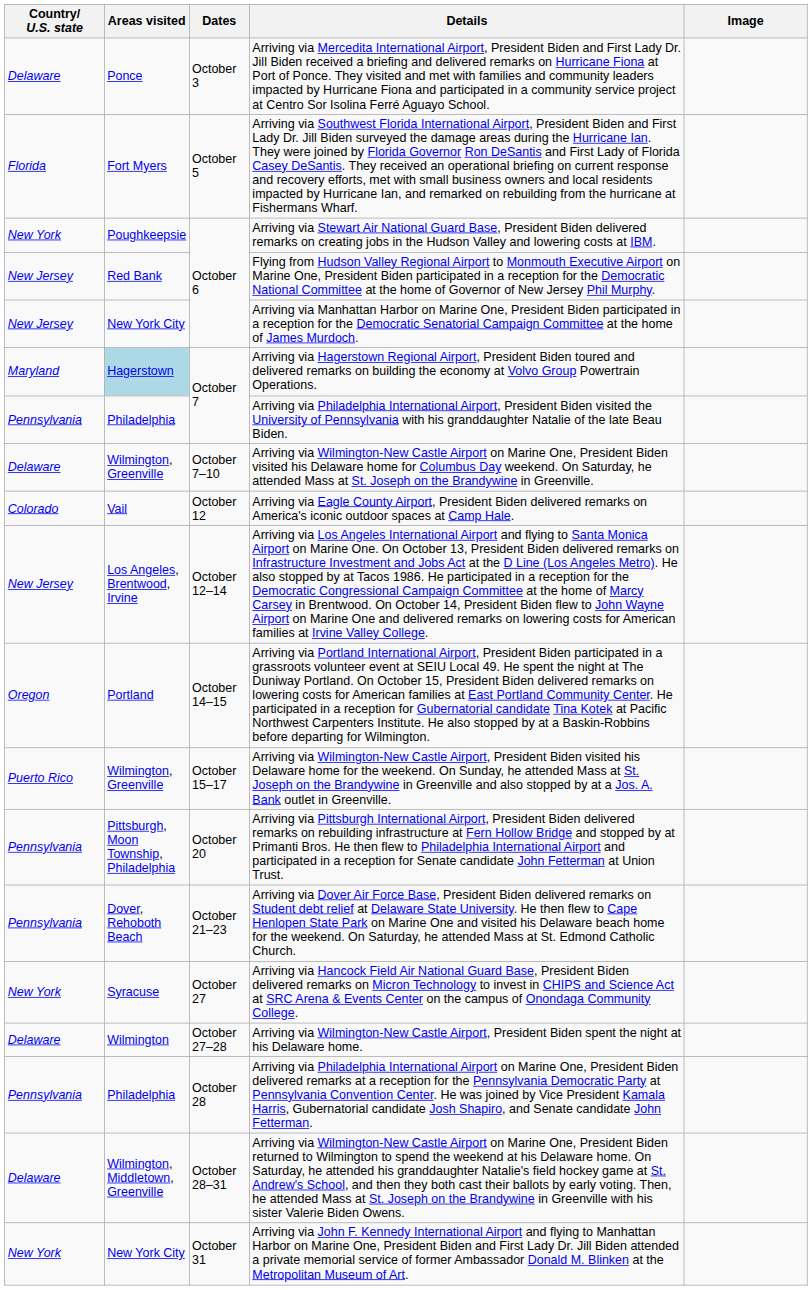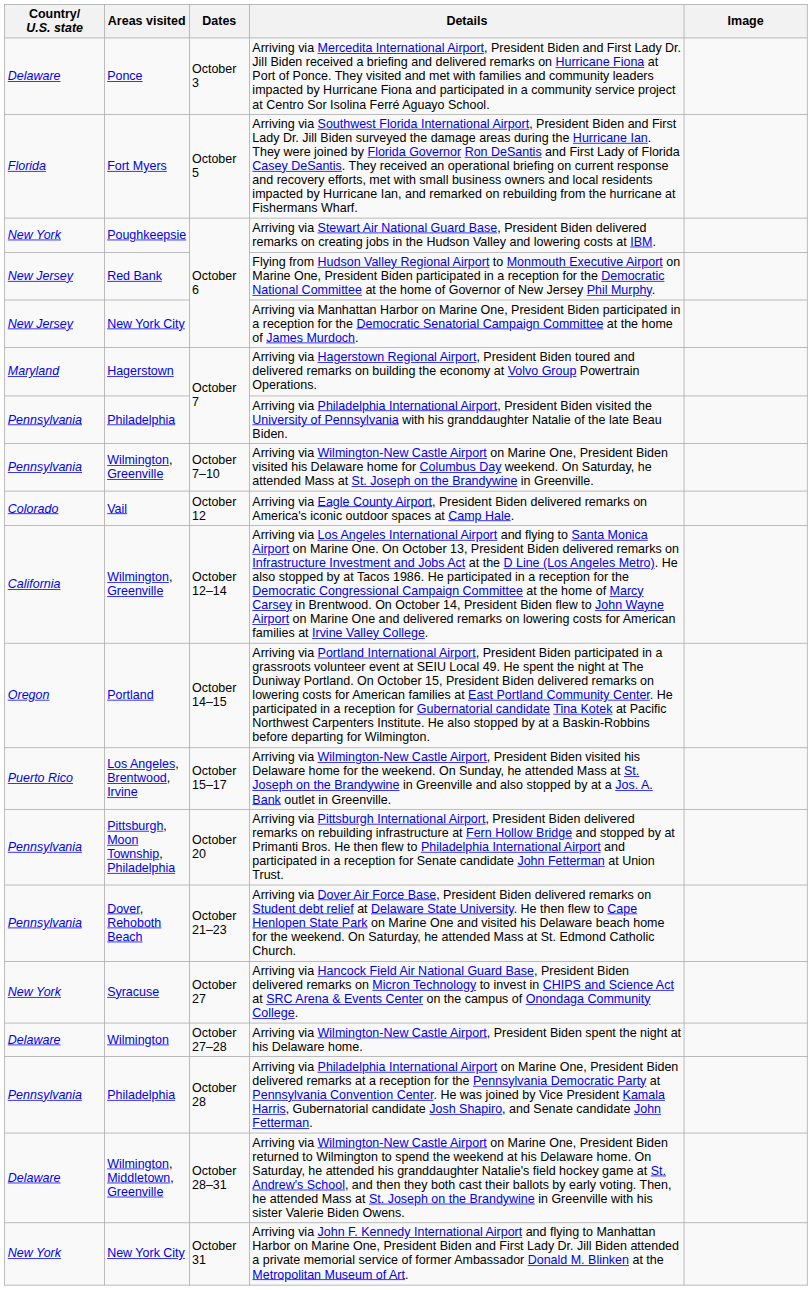 <table class="wikitable" style="margin: 1em auto 1em auto">
 <tr>
 <th width="120">Country/<br><em>U.S. state</em></th>
 <th width="100">Areas visited</th>
 <th width="70">Dates</th>
 <th width="550">Details</th>
 <th width="150">Image</th>
 </tr>
 <tr>
 <td> <em> <a href='#'>Delaware</a></em></td>
 <td><a href='#'>Ponce</a></td>
 <td>October 3</td>
 <td>Arriving via <a href='#'>Mercedita International Airport</a>, President Biden and First Lady Dr. Jill Biden received a briefing and delivered remarks on <a href='#'>Hurricane Fiona</a> at Port of Ponce. They visited and met with families and community leaders impacted by Hurricane Fiona and participated in a community service project at Centro Sor Isolina Ferré Aguayo School.</td>
 <td></td>
 </tr>
 <tr>
 <td> <em><a href='#'>Florida</a></em></td>
 <td><a href='#'>Fort Myers</a></td>
 <td>October 5</td>
 <td>Arriving via <a href='#'>Southwest Florida International Airport</a>, President Biden and First Lady Dr. Jill Biden surveyed the damage areas during the <a href='#'>Hurricane Ian</a>. They were joined by <a href='#'>Florida Governor</a> <a href='#'>Ron DeSantis</a> and First Lady of Florida <a href='#'>Casey DeSantis</a>. They received an operational briefing on current response and recovery efforts, met with small business owners and local residents impacted by Hurricane Ian, and remarked on rebuilding from the hurricane at Fishermans Wharf.</td>
 <td></td>
 </tr>
 <tr>
 <td> <em><a href='#'>New York</a></em></td>
 <td><a href='#'>Poughkeepsie</a></td>
 <td rowspan="3">October 6</td>
 <td>Arriving via <a href='#'>Stewart Air National Guard Base</a>, President Biden delivered remarks on creating jobs in the Hudson Valley and lowering costs at <a href='#'>IBM</a>.</td>
 <td></td>
 </tr>
 <tr>
 <td> <em><a href='#'>New Jersey</a></em></td>
 <td><a href='#'>Red Bank</a></td>
 <td>Flying from <a href='#'>Hudson Valley Regional Airport</a> to <a href='#'>Monmouth Executive Airport</a> on Marine One, President Biden participated in a reception for the <a href='#'>Democratic National Committee</a> at the home of Governor of New Jersey <a href='#'>Phil Murphy</a>.</td>
 <td></td>
 </tr>
 <tr>
 <td> <em><a href='#'>New Jersey</a></em></td>
 <td><a href='#'>New York City</a></td>
 <td>Arriving via Manhattan Harbor on Marine One, President Biden participated in a reception for the <a href='#'>Democratic Senatorial Campaign Committee</a> at the home of <a href='#'>James Murdoch</a>.</td>
 <td></td>
 </tr>
 <tr>
 <td> <em> <a href='#'>Maryland</a></em></td>
-<td style="background: lightblue;"><a href='#'>Hagerstown</a></td>
+<td><a href='#'>Hagerstown</a></td>
 <td rowspan='2'>October 7</td>
 <td>Arriving via <a href='#'>Hagerstown Regional Airport</a>, President Biden toured and delivered remarks on building the economy at <a href='#'>Volvo Group</a> Powertrain Operations.</td>
 <td></td>
 </tr>
 <tr>
 <td> <em> <a href='#'>Pennsylvania</a></em></td>
 <td><a href='#'>Philadelphia</a></td>
 <td>Arriving via <a href='#'>Philadelphia International Airport</a>, President Biden visited the <a href='#'>University of Pennsylvania</a> with his granddaughter Natalie of the late Beau Biden.</td>
 <td></td>
 </tr>
 <tr>
-<td> <em> <a href='#'>Delaware</a></em></td>
+<td> <em> <a href='#'>Pennsylvania</a></em></td>
 <td><a href='#'>Wilmington</a>, <a href='#'>Greenville</a></td>
 <td>October 7–10</td>
 <td>Arriving via <a href='#'>Wilmington-New Castle Airport</a> on Marine One, President Biden visited his Delaware home for <a href='#'>Columbus Day</a> weekend. On Saturday, he attended Mass at <a href='#'>St. Joseph on the Brandywine</a> in Greenville.</td>
 <td></td>
 </tr>
 <tr>
 <td> <em> <a href='#'>Colorado</a></em></td>
 <td><a href='#'>Vail</a></td>
 <td>October 12</td>
 <td>Arriving via <a href='#'>Eagle County Airport</a>, President Biden delivered remarks on America's iconic outdoor spaces at <a href='#'>Camp Hale</a>.</td>
 <td></td>
 </tr>
 <tr>
-<td> <em><a href='#'>New Jersey</a></em></td>
-<td><a href='#'>Los Angeles</a>, <a href='#'>Brentwood</a>, <a href='#'>Irvine</a></td>
+<td> <em> <a href='#'>California</a></em></td>
+<td><a href='#'>Wilmington</a>, <a href='#'>Greenville</a></td>
 <td>October 12–14</td>
 <td>Arriving via <a href='#'>Los Angeles International Airport</a> and flying to <a href='#'>Santa Monica Airport</a> on Marine One. On October 13, President Biden delivered remarks on <a href='#'>Infrastructure Investment and Jobs Act</a> at the <a href='#'>D Line (Los Angeles Metro)</a>. He also stopped by at Tacos 1986. He participated in a reception for the <a href='#'>Democratic Congressional Campaign Committee</a> at the home of <a href='#'>Marcy Carsey</a> in Brentwood. On October 14, President Biden flew to <a href='#'>John Wayne Airport</a> on Marine One and delivered remarks on lowering costs for American families at <a href='#'>Irvine Valley College</a>.</td>
 <td></td>
 </tr>
 <tr>
 <td> <em> <a href='#'>Oregon</a></em></td>
 <td><a href='#'>Portland</a></td>
 <td>October 14–15</td>
 <td>Arriving via <a href='#'>Portland International Airport</a>, President Biden participated in a grassroots volunteer event at SEIU Local 49. He spent the night at The Duniway Portland. On October 15, President Biden delivered remarks on lowering costs for American families at <a href='#'>East Portland Community Center</a>. He participated in a reception for <a href='#'>Gubernatorial candidate</a> <a href='#'>Tina Kotek</a> at Pacific Northwest Carpenters Institute. He also stopped by at a Baskin-Robbins before departing for Wilmington.</td>
 <td></td>
 </tr>
 <tr>
 <td> <em><a href='#'>Puerto Rico</a></em></td>
-<td><a href='#'>Wilmington</a>, <a href='#'>Greenville</a></td>
+<td><a href='#'>Los Angeles</a>, <a href='#'>Brentwood</a>, <a href='#'>Irvine</a></td>
 <td>October 15–17</td>
 <td>Arriving via <a href='#'>Wilmington-New Castle Airport</a>, President Biden visited his Delaware home for the weekend. On Sunday, he attended Mass at <a href='#'>St. Joseph on the Brandywine</a> in Greenville and also stopped by at a <a href='#'>Jos. A. Bank</a> outlet in Greenville.</td>
 <td></td>
 </tr>
 <tr>
 <td> <em> <a href='#'>Pennsylvania</a></em></td>
 <td><a href='#'>Pittsburgh</a>, <a href='#'>Moon Township</a>, <a href='#'>Philadelphia</a></td>
 <td>October 20</td>
 <td>Arriving via <a href='#'>Pittsburgh International Airport</a>, President Biden delivered remarks on rebuilding infrastructure at <a href='#'>Fern Hollow Bridge</a> and stopped by at Primanti Bros. He then flew to <a href='#'>Philadelphia International Airport</a> and participated in a reception for Senate candidate <a href='#'>John Fetterman</a> at Union Trust.</td>
 <td></td>
 </tr>
 <tr>
 <td> <em> <a href='#'>Pennsylvania</a></em></td>
 <td><a href='#'>Dover</a>, <a href='#'>Rehoboth Beach</a></td>
 <td>October 21–23</td>
 <td>Arriving via <a href='#'>Dover Air Force Base</a>, President Biden delivered remarks on <a href='#'>Student debt relief</a> at <a href='#'>Delaware State University</a>. He then flew to <a href='#'>Cape Henlopen State Park</a> on Marine One and visited his Delaware beach home for the weekend. On Saturday, he attended Mass at St. Edmond Catholic Church.</td>
 <td></td>
 </tr>
 <tr>
 <td> <em> <a href='#'>New York</a></em></td>
 <td><a href='#'>Syracuse</a></td>
 <td>October 27</td>
 <td>Arriving via <a href='#'>Hancock Field Air National Guard Base</a>, President Biden delivered remarks on <a href='#'>Micron Technology</a> to invest in <a href='#'>CHIPS and Science Act</a> at <a href='#'>SRC Arena & Events Center</a> on the campus of <a href='#'>Onondaga Community College</a>.</td>
 <td></td>
 </tr>
 <tr>
 <td> <em> <a href='#'>Delaware</a></em></td>
 <td><a href='#'>Wilmington</a></td>
 <td>October 27–28</td>
 <td>Arriving via <a href='#'>Wilmington-New Castle Airport</a>, President Biden spent the night at his Delaware home.</td>
 <td></td>
 </tr>
 <tr>
 <td> <em> <a href='#'>Pennsylvania</a></em></td>
 <td><a href='#'>Philadelphia</a></td>
 <td>October 28</td>
 <td>Arriving via <a href='#'>Philadelphia International Airport</a> on Marine One, President Biden delivered remarks at a reception for the <a href='#'>Pennsylvania Democratic Party</a> at <a href='#'>Pennsylvania Convention Center</a>. He was joined by Vice President <a href='#'>Kamala Harris</a>, Gubernatorial candidate <a href='#'>Josh Shapiro</a>, and Senate candidate <a href='#'>John Fetterman</a>.</td>
 <td></td>
 </tr>
 <tr>
 <td> <em> <a href='#'>Delaware</a></em></td>
 <td><a href='#'>Wilmington</a>, <a href='#'>Middletown</a>, <a href='#'>Greenville</a></td>
 <td>October 28–31</td>
 <td>Arriving via <a href='#'>Wilmington-New Castle Airport</a> on Marine One, President Biden returned to Wilmington to spend the weekend at his Delaware home. On Saturday, he attended his granddaughter Natalie's field hockey game at <a href='#'>St. Andrew's School</a>, and then they both cast their ballots by early voting. Then, he attended Mass at <a href='#'>St. Joseph on the Brandywine</a> in Greenville with his sister Valerie Biden Owens.</td>
 <td></td>
 </tr>
 <tr>
 <td> <em> <a href='#'>New York</a></em></td>
 <td><a href='#'>New York City</a></td>
 <td>October 31</td>
 <td>Arriving via <a href='#'>John F. Kennedy International Airport</a> and flying to Manhattan Harbor on Marine One, President Biden and First Lady Dr. Jill Biden attended a private memorial service of former Ambassador <a href='#'>Donald M. Blinken</a> at the <a href='#'>Metropolitan Museum of Art</a>.</td>
 <td></td>
 </tr>
 </table>
